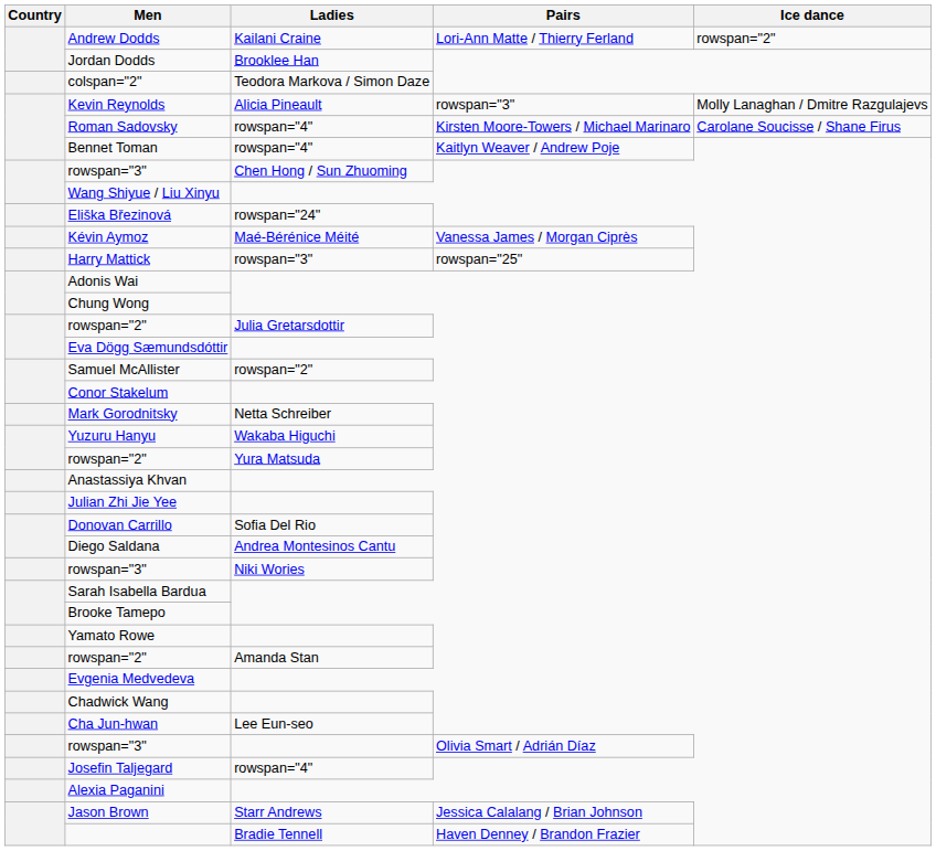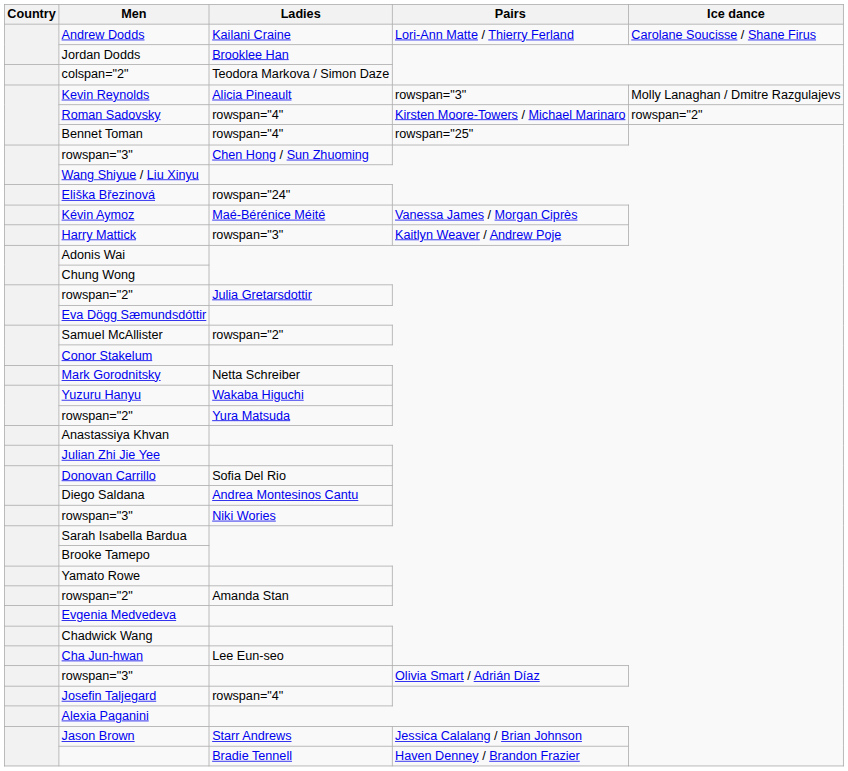 <table class="wikitable sortable" style="text-align:left">
 <tr>
 <th scope="col">Country</th>
 <th scope="col">Men</th>
 <th scope="col">Ladies</th>
 <th scope="col">Pairs</th>
 <th scope="col">Ice dance</th>
 </tr>
 <tr>
 <th scope="row" style="text-align:left" rowspan="2"></th>
 <td><a href='#'>Andrew Dodds</a></td>
 <td><a href='#'>Kailani Craine</a></td>
 <td><a href='#'>Lori-Ann Matte</a> / <a href='#'>Thierry Ferland</a></td>
-<td>rowspan="2" </td>
+<td><a href='#'>Carolane Soucisse</a> / <a href='#'>Shane Firus</a></td>
 </tr>
 <tr>
 <td>Jordan Dodds</td>
 <td><a href='#'>Brooklee Han</a></td>
 </tr>
 <tr>
 <th scope="row" style="text-align:left"></th>
 <td>colspan="2" </td>
 <td>Teodora Markova / Simon Daze</td>
 </tr>
 <tr>
 <th scope="row" style="text-align:left" rowspan="3"></th>
 <td><a href='#'>Kevin Reynolds</a></td>
 <td><a href='#'>Alicia Pineault</a></td>
 <td>rowspan="3" </td>
 <td>Molly Lanaghan / Dmitre Razgulajevs</td>
 </tr>
 <tr>
 <td><a href='#'>Roman Sadovsky</a></td>
 <td>rowspan="4" </td>
 <td><a href='#'>Kirsten Moore-Towers</a> / <a href='#'>Michael Marinaro</a></td>
-<td><a href='#'>Carolane Soucisse</a> / <a href='#'>Shane Firus</a></td>
+<td>rowspan="2" </td>
 </tr>
 <tr>
 <td>Bennet Toman</td>
 <td>rowspan="4" </td>
-<td><a href='#'>Kaitlyn Weaver</a> / <a href='#'>Andrew Poje</a></td>
+<td>rowspan="25" </td>
 </tr>
 <tr>
 <th scope="row" style="text-align:left" rowspan="2"></th>
 <td>rowspan="3" </td>
 <td><a href='#'>Chen Hong</a> / <a href='#'>Sun Zhuoming</a></td>
 </tr>
 <tr>
 <td><a href='#'>Wang Shiyue</a> / <a href='#'>Liu Xinyu</a></td>
 </tr>
 <tr>
 <th scope="row" style="text-align:left"></th>
 <td><a href='#'>Eliška Březinová</a></td>
 <td>rowspan="24" </td>
 </tr>
 <tr>
 <th scope="row" style="text-align:left"></th>
 <td><a href='#'>Kévin Aymoz</a></td>
 <td><a href='#'>Maé-Bérénice Méité</a></td>
 <td><a href='#'>Vanessa James</a> / <a href='#'>Morgan Ciprès</a></td>
 </tr>
 <tr>
 <th scope="row" style="text-align:left"></th>
 <td><a href='#'>Harry Mattick</a></td>
 <td>rowspan="3" </td>
-<td>rowspan="25" </td>
+<td><a href='#'>Kaitlyn Weaver</a> / <a href='#'>Andrew Poje</a></td>
 </tr>
 <tr>
 <th scope="row" style="text-align:left" rowspan="2"></th>
 <td>Adonis Wai</td>
 </tr>
 <tr>
 <td>Chung Wong</td>
 </tr>
 <tr>
 <th scope="row" style="text-align:left" rowspan="2"></th>
 <td>rowspan="2" </td>
 <td><a href='#'>Julia Gretarsdottir</a></td>
 </tr>
 <tr>
 <td><a href='#'>Eva Dögg Sæmundsdóttir</a></td>
 </tr>
 <tr>
 <th scope="row" style="text-align:left" rowspan="2"></th>
 <td>Samuel McAllister</td>
 <td>rowspan="2" </td>
 </tr>
 <tr>
 <td><a href='#'>Conor Stakelum</a></td>
 </tr>
 <tr>
 <th scope="row" style="text-align:left"></th>
 <td><a href='#'>Mark Gorodnitsky</a></td>
 <td>Netta Schreiber</td>
 </tr>
 <tr>
 <th scope="row" style="text-align:left" rowspan="2"></th>
 <td><a href='#'>Yuzuru Hanyu</a></td>
 <td><a href='#'>Wakaba Higuchi</a></td>
 </tr>
 <tr>
 <td>rowspan="2" </td>
 <td><a href='#'>Yura Matsuda</a></td>
 </tr>
 <tr>
 <th scope="row" style="text-align:left"></th>
 <td>Anastassiya Khvan</td>
 </tr>
 <tr>
 <th scope="row" style="text-align:left"></th>
 <td><a href='#'>Julian Zhi Jie Yee</a></td>
 <td></td>
 </tr>
 <tr>
 <th scope="row" style="text-align:left" rowspan="2"></th>
 <td><a href='#'>Donovan Carrillo</a></td>
 <td>Sofia Del Rio</td>
 </tr>
 <tr>
 <td>Diego Saldana</td>
 <td><a href='#'>Andrea Montesinos Cantu</a></td>
 </tr>
 <tr>
 <th scope="row" style="text-align:left"></th>
 <td>rowspan="3" </td>
 <td><a href='#'>Niki Wories</a></td>
 </tr>
 <tr>
 <th scope="row" style="text-align:left" rowspan="2"></th>
 <td>Sarah Isabella Bardua</td>
 </tr>
 <tr>
 <td>Brooke Tamepo</td>
 </tr>
 <tr>
 <th scope="row" style="text-align:left"></th>
 <td>Yamato Rowe</td>
 <td></td>
 </tr>
 <tr>
 <th scope="row" style="text-align:left"></th>
 <td>rowspan="2" </td>
 <td>Amanda Stan</td>
 </tr>
 <tr>
 <th scope="row" style="text-align:left"></th>
 <td><a href='#'>Evgenia Medvedeva</a></td>
 </tr>
 <tr>
 <th scope="row" style="text-align:left"></th>
 <td>Chadwick Wang</td>
 <td></td>
 </tr>
 <tr>
 <th scope="row" style="text-align:left"></th>
 <td><a href='#'>Cha Jun-hwan</a></td>
 <td>Lee Eun-seo</td>
 </tr>
 <tr>
 <th scope="row" style="text-align:left"></th>
 <td>rowspan="3" </td>
 <td></td>
 <td><a href='#'>Olivia Smart</a> / <a href='#'>Adrián Díaz</a></td>
 </tr>
 <tr>
 <th scope="row" style="text-align:left"></th>
 <td><a href='#'>Josefin Taljegard</a></td>
 <td>rowspan="4" </td>
 </tr>
 <tr>
 <th scope="row" style="text-align:left"></th>
 <td><a href='#'>Alexia Paganini</a></td>
 </tr>
 <tr>
 <th scope="row" style="text-align:left" rowspan="2"></th>
 <td><a href='#'>Jason Brown</a></td>
 <td><a href='#'>Starr Andrews</a></td>
 <td><a href='#'>Jessica Calalang</a> / <a href='#'>Brian Johnson</a></td>
 </tr>
 <tr>
 <td></td>
 <td><a href='#'>Bradie Tennell</a></td>
 <td><a href='#'>Haven Denney</a> / <a href='#'>Brandon Frazier</a></td>
 </tr>
 </table>
